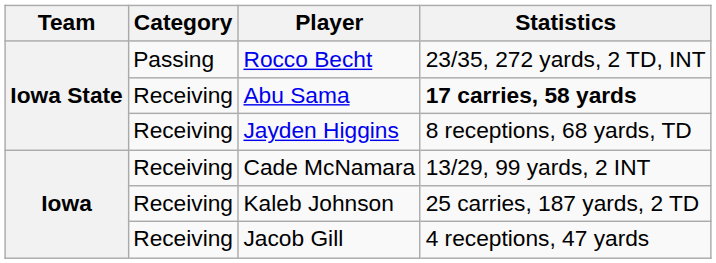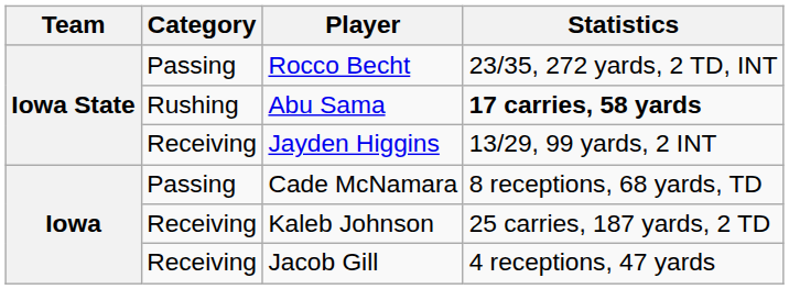 <table class="wikitable" style="float:right">
 <tr>
 <th>Team</th>
 <th>Category</th>
 <th>Player</th>
 <th>Statistics</th>
 </tr>
 <tr>
 <th rowspan=3>Iowa State</th>
 <td>Passing</td>
 <td><a href='#'>Rocco Becht</a></td>
 <td>23/35, 272 yards, 2 TD, INT</td>
 </tr>
 <tr>
-<td>Receiving</td>
+<td>Rushing</td>
 <td><a href='#'>Abu Sama</a></td>
 <td><strong>17 carries, 58 yards</strong></td>
 </tr>
 <tr>
 <td>Receiving</td>
 <td><a href='#'>Jayden Higgins</a></td>
-<td>8 receptions, 68 yards, TD</td>
+<td>13/29, 99 yards, 2 INT</td>
 </tr>
 <tr>
 <th rowspan=3>Iowa</th>
-<td>Receiving</td>
+<td>Passing</td>
 <td>Cade McNamara</td>
-<td>13/29, 99 yards, 2 INT</td>
+<td>8 receptions, 68 yards, TD</td>
 </tr>
 <tr>
 <td>Receiving</td>
 <td>Kaleb Johnson</td>
 <td>25 carries, 187 yards, 2 TD</td>
 </tr>
 <tr>
 <td>Receiving</td>
 <td>Jacob Gill</td>
 <td>4 receptions, 47 yards</td>
 </tr>
 </table>
